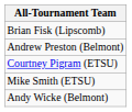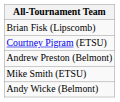 <table class="wikitable">
 <tr>
 <th>All-Tournament Team</th>
 </tr>
 <tr>
 <td>Brian Fisk (Lipscomb)</td>
 </tr>
 <tr>
-<td>Andrew Preston (Belmont)</td>
+<td><a href='#'>Courtney Pigram</a> (ETSU)</td>
 </tr>
 <tr>
-<td><a href='#'>Courtney Pigram</a> (ETSU)</td>
+<td>Andrew Preston (Belmont)</td>
 </tr>
 <tr>
 <td>Mike Smith (ETSU)</td>
 </tr>
 <tr>
 <td>Andy Wicke (Belmont)</td>
 </tr>
 </table>
